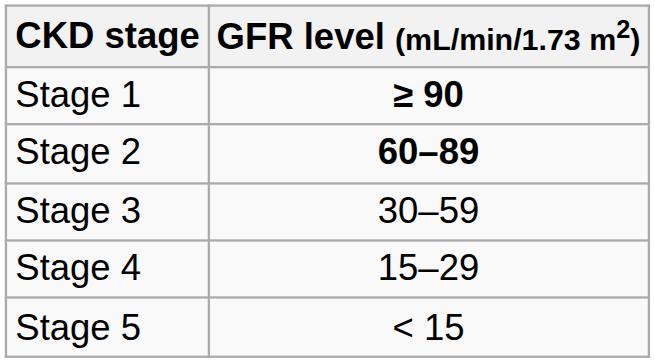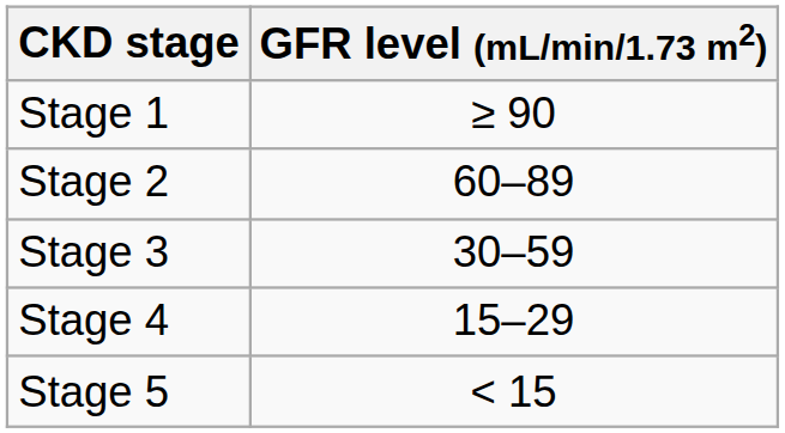 <table class="wikitable" style="float:right; margin-left:5px">
 <tr>
 <th>CKD stage</th>
 <th>GFR level <small>(mL/min/1.73 m<sup>2</sup>)</small></th>
 </tr>
 <tr>
 <td>Stage 1</td>
-<td style="text-align:center"><strong>≥ 90</strong></td>
+<td style="text-align:center">≥ 90</td>
 </tr>
 <tr>
 <td>Stage 2</td>
-<td style="text-align:center"><strong>60–89</strong></td>
+<td style="text-align:center">60–89</td>
 </tr>
 <tr>
 <td>Stage 3</td>
 <td style="text-align:center">30–59</td>
 </tr>
 <tr>
 <td>Stage 4</td>
 <td style="text-align:center">15–29</td>
 </tr>
 <tr>
 <td>Stage 5</td>
 <td style="text-align:center">< 15</td>
 </tr>
 </table>
